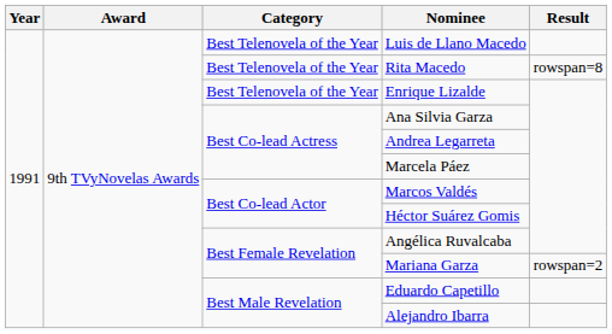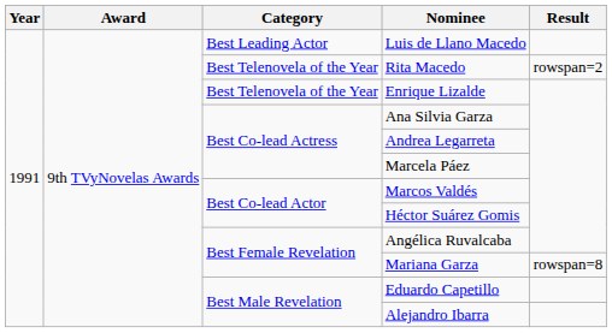 <table class="wikitable">
 <tr style="background:#b0c4de;">
 <th>Year</th>
 <th>Award</th>
 <th>Category</th>
 <th>Nominee</th>
 <th>Result</th>
 </tr>
 <tr>
 <td rowspan=12>1991</td>
 <td rowspan=12>9th <a href='#'>TVyNovelas Awards</a></td>
-<td><a href='#'>Best Telenovela of the Year</a></td>
+<td><a href='#'>Best Leading Actor</a></td>
 <td><a href='#'>Luis de Llano Macedo</a></td>
 <td></td>
 </tr>
 <tr>
 <td><a href='#'>Best Telenovela of the Year</a></td>
 <td><a href='#'>Rita Macedo</a></td>
-<td>rowspan=8 </td>
+<td>rowspan=2 </td>
 </tr>
 <tr>
 <td><a href='#'>Best Telenovela of the Year</a></td>
 <td><a href='#'>Enrique Lizalde</a></td>
 </tr>
 <tr>
 <td rowspan=3><a href='#'>Best Co-lead Actress</a></td>
 <td>Ana Silvia Garza</td>
 </tr>
 <tr>
 <td><a href='#'>Andrea Legarreta</a></td>
 </tr>
 <tr>
 <td>Marcela Páez</td>
 </tr>
 <tr>
 <td rowspan=2><a href='#'>Best Co-lead Actor</a></td>
 <td><a href='#'>Marcos Valdés</a></td>
 </tr>
 <tr>
 <td><a href='#'>Héctor Suárez Gomis</a></td>
 </tr>
 <tr>
 <td rowspan=2><a href='#'>Best Female Revelation</a></td>
 <td>Angélica Ruvalcaba</td>
 </tr>
 <tr>
 <td><a href='#'>Mariana Garza</a></td>
-<td>rowspan=2 </td>
+<td>rowspan=8 </td>
 </tr>
 <tr>
 <td rowspan=2><a href='#'>Best Male Revelation</a></td>
 <td><a href='#'>Eduardo Capetillo</a></td>
 </tr>
 <tr>
 <td><a href='#'>Alejandro Ibarra</a></td>
 <td></td>
 </tr>
 </table>
